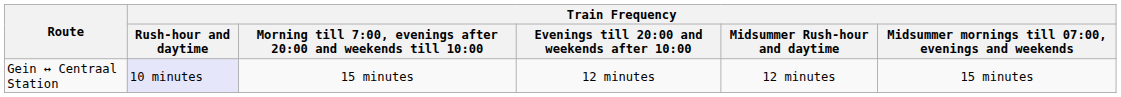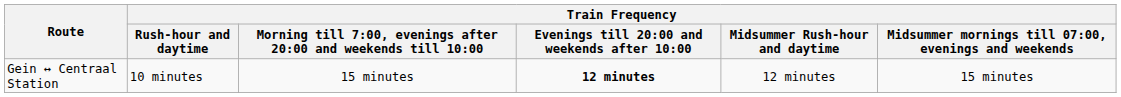 <table class="wikitable" style="font-size:105%;">
 <tr>
 <th rowspan="2">Route</th>
 <th colspan="5">Train Frequency</th>
 </tr>
 <tr>
 <th>Rush-hour and daytime</th>
 <th>Morning till 7:00, evenings after 20:00 and weekends till 10:00</th>
 <th>Evenings till 20:00 and weekends after 10:00</th>
 <th>Midsummer Rush-hour and daytime</th>
 <th>Midsummer mornings till 07:00, evenings and weekends</th>
 </tr>
 <tr>
 <td>Gein ↔ Centraal Station</td>
-<td style="background: lavender;">10 minutes</td>
+<td>10 minutes</td>
 <td align="center">15 minutes</td>
-<td align="center">12 minutes</td>
+<td align="center"><strong>12 minutes</strong></td>
 <td align="center">12 minutes</td>
 <td align="center">15 minutes</td>
 </tr>
 </table>
